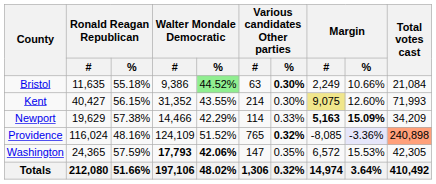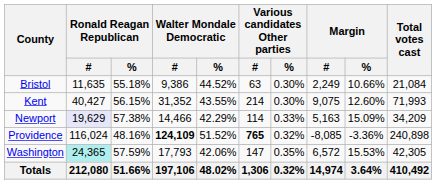 <table width="60%"  class="wikitable sortable" style="text-align:center">
 <tr>
 <th style="text-align:center;" rowspan="2">County</th>
 <th style="text-align:center;" colspan="2">Ronald Reagan<br>Republican</th>
 <th style="text-align:center;" colspan="2">Walter Mondale<br>Democratic</th>
 <th style="text-align:center;" colspan="2">Various candidates<br>Other parties</th>
 <th style="text-align:center;" colspan="2">Margin</th>
 <th style="text-align:center;" rowspan="2">Total votes cast</th>
 </tr>
 <tr>
 <th style="text-align:center;" data-sort-type="number">#</th>
 <th style="text-align:center;" data-sort-type="number">%</th>
 <th style="text-align:center;" data-sort-type="number">#</th>
 <th style="text-align:center;" data-sort-type="number">%</th>
 <th style="text-align:center;" data-sort-type="number">#</th>
 <th style="text-align:center;" data-sort-type="number">%</th>
 <th style="text-align:center;" data-sort-type="number">#</th>
 <th style="text-align:center;" data-sort-type="number">%</th>
 </tr>
 <tr style="text-align:center;">
 <td><a href='#'>Bristol</a></td>
 <td>11,635</td>
 <td>55.18%</td>
 <td>9,386</td>
-<td style="background: lightgreen;">44.52%</td>
+<td>44.52%</td>
 <td>63</td>
-<td><strong>0.30%</strong></td>
+<td>0.30%</td>
 <td>2,249</td>
 <td>10.66%</td>
 <td>21,084</td>
 </tr>
 <tr style="text-align:center;">
 <td><a href='#'>Kent</a></td>
 <td>40,427</td>
 <td>56.15%</td>
 <td>31,352</td>
 <td>43.55%</td>
 <td>214</td>
 <td>0.30%</td>
-<td style="background: khaki;">9,075</td>
+<td>9,075</td>
 <td>12.60%</td>
 <td>71,993</td>
 </tr>
 <tr style="text-align:center;">
 <td><a href='#'>Newport</a></td>
-<td>19,629</td>
+<td style="background: lavender;">19,629</td>
 <td>57.38%</td>
 <td>14,466</td>
 <td>42.29%</td>
 <td>114</td>
 <td>0.33%</td>
-<td><strong>5,163</strong></td>
-<td><strong>15.09%</strong></td>
+<td>5,163</td>
+<td>15.09%</td>
 <td>34,209</td>
 </tr>
 <tr style="text-align:center;">
 <td><a href='#'>Providence</a></td>
 <td>116,024</td>
 <td>48.16%</td>
-<td>124,109</td>
+<td><strong>124,109</strong></td>
 <td>51.52%</td>
-<td>765</td>
-<td><strong>0.32%</strong></td>
+<td><strong>765</strong></td>
+<td>0.32%</td>
 <td>-8,085</td>
-<td style="background: lavender;">-3.36%</td>
-<td style="background: lightsalmon;">240,898</td>
+<td>-3.36%</td>
+<td>240,898</td>
 </tr>
 <tr style="text-align:center;">
 <td><a href='#'>Washington</a></td>
-<td>24,365</td>
+<td style="background: paleturquoise;">24,365</td>
 <td>57.59%</td>
-<td><strong>17,793</strong></td>
-<td><strong>42.06%</strong></td>
+<td>17,793</td>
+<td>42.06%</td>
 <td>147</td>
 <td>0.35%</td>
 <td>6,572</td>
 <td>15.53%</td>
 <td>42,305</td>
 </tr>
 <tr>
 <th>Totals</th>
 <th>212,080</th>
 <th>51.66%</th>
 <th>197,106</th>
 <th>48.02%</th>
 <th>1,306</th>
 <th>0.32%</th>
 <th>14,974</th>
 <th>3.64%</th>
 <th>410,492</th>
 </tr>
 </table>
